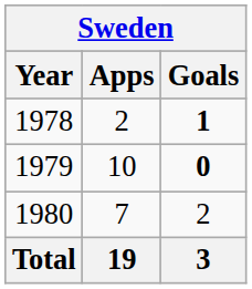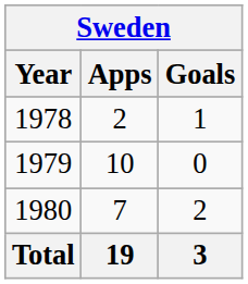 <table class="wikitable" style="text-align:center">
 <tr>
 <th colspan=3><a href='#'>Sweden</a></th>
 </tr>
 <tr>
 <th>Year</th>
 <th>Apps</th>
 <th>Goals</th>
 </tr>
 <tr>
 <td>1978</td>
 <td>2</td>
-<td><strong>1</strong></td>
+<td>1</td>
 </tr>
 <tr>
 <td>1979</td>
 <td>10</td>
-<td><strong>0</strong></td>
+<td>0</td>
 </tr>
 <tr>
 <td>1980</td>
 <td>7</td>
 <td>2</td>
 </tr>
 <tr>
 <th>Total</th>
 <th>19</th>
 <th>3</th>
 </tr>
 </table>
